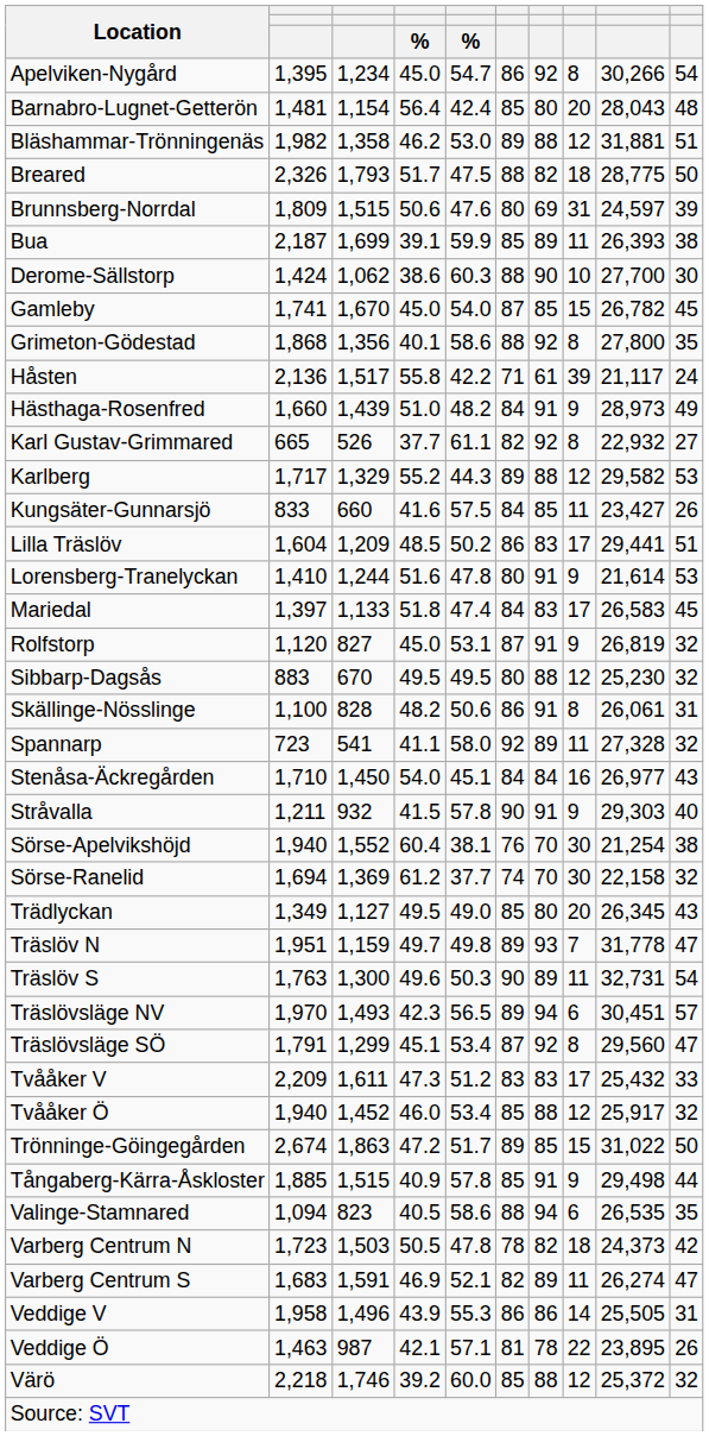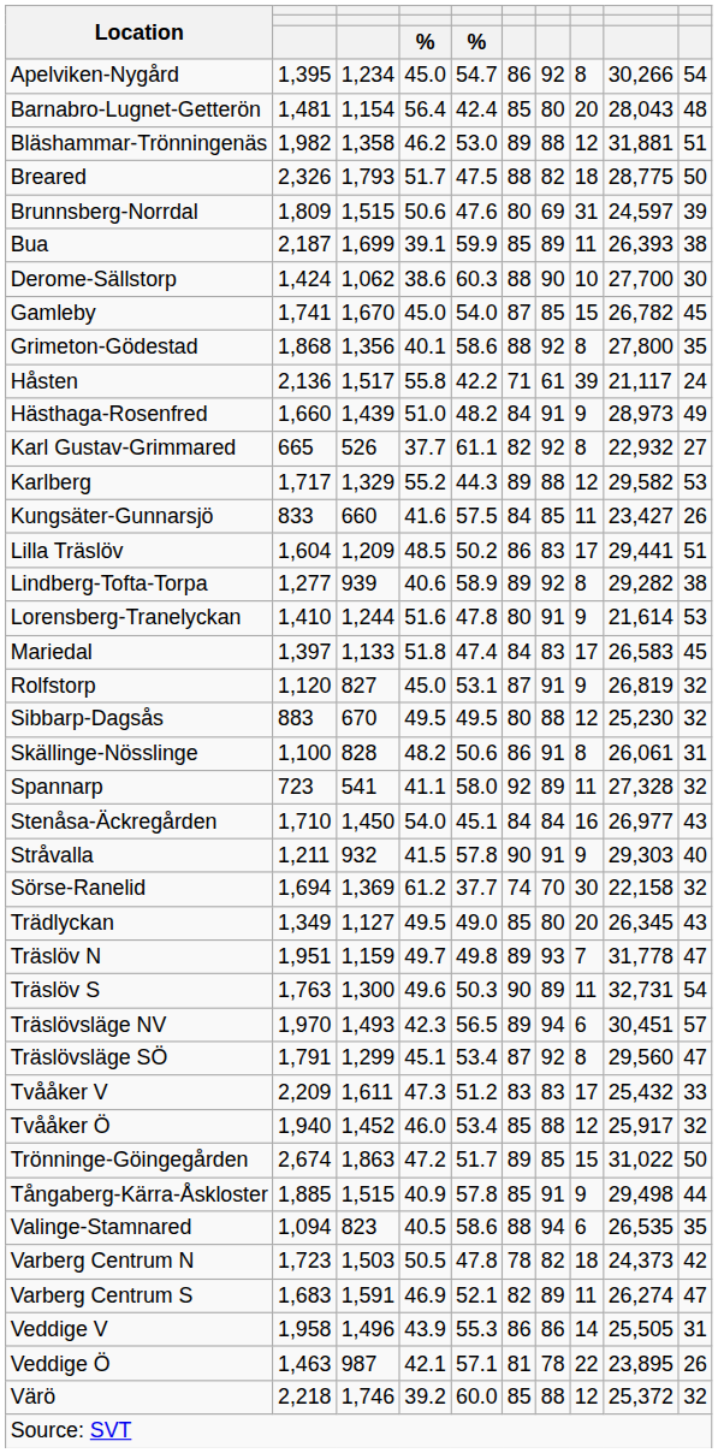 <table role="presentation" class="wikitable sortable mw-collapsible mw-collapsed">
 <tr>
 <th rowspan="3">Location</th>
 <th></th>
 <th></th>
 <th></th>
 <th></th>
 <th></th>
 <th></th>
 <th></th>
 <th></th>
 <th></th>
 </tr>
 <tr>
 <th></th>
 <th></th>
 <th style="background:"></th>
 <th style="background:"></th>
 <th></th>
 <th></th>
 <th></th>
 <th></th>
 <th></th>
 </tr>
 <tr>
 <th data-sort-type="number"></th>
 <th data-sort-type="number"></th>
 <th data-sort-type="number">%</th>
 <th data-sort-type="number">%</th>
 <th data-sort-type="number"></th>
 <th data-sort-type="number"></th>
 <th data-sort-type="number"></th>
 <th data-sort-type="number"></th>
 <th data-sort-type="number"></th>
 </tr>
 <tr>
 <td align="left">Apelviken-Nygård</td>
 <td>1,395</td>
 <td>1,234</td>
 <td>45.0</td>
 <td>54.7</td>
 <td>86</td>
 <td>92</td>
 <td>8</td>
 <td>30,266</td>
 <td>54</td>
 </tr>
 <tr>
 <td align="left">Barnabro-Lugnet-Getterön</td>
 <td>1,481</td>
 <td>1,154</td>
 <td>56.4</td>
 <td>42.4</td>
 <td>85</td>
 <td>80</td>
 <td>20</td>
 <td>28,043</td>
 <td>48</td>
 </tr>
 <tr>
 <td align="left">Bläshammar-Trönningenäs</td>
 <td>1,982</td>
 <td>1,358</td>
 <td>46.2</td>
 <td>53.0</td>
 <td>89</td>
 <td>88</td>
 <td>12</td>
 <td>31,881</td>
 <td>51</td>
 </tr>
 <tr>
 <td align="left">Breared</td>
 <td>2,326</td>
 <td>1,793</td>
 <td>51.7</td>
 <td>47.5</td>
 <td>88</td>
 <td>82</td>
 <td>18</td>
 <td>28,775</td>
 <td>50</td>
 </tr>
 <tr>
 <td align="left">Brunnsberg-Norrdal</td>
 <td>1,809</td>
 <td>1,515</td>
 <td>50.6</td>
 <td>47.6</td>
 <td>80</td>
 <td>69</td>
 <td>31</td>
 <td>24,597</td>
 <td>39</td>
 </tr>
 <tr>
 <td align="left">Bua</td>
 <td>2,187</td>
 <td>1,699</td>
 <td>39.1</td>
 <td>59.9</td>
 <td>85</td>
 <td>89</td>
 <td>11</td>
 <td>26,393</td>
 <td>38</td>
 </tr>
 <tr>
 <td align="left">Derome-Sällstorp</td>
 <td>1,424</td>
 <td>1,062</td>
 <td>38.6</td>
 <td>60.3</td>
 <td>88</td>
 <td>90</td>
 <td>10</td>
 <td>27,700</td>
 <td>30</td>
 </tr>
 <tr>
 <td align="left">Gamleby</td>
 <td>1,741</td>
 <td>1,670</td>
 <td>45.0</td>
 <td>54.0</td>
 <td>87</td>
 <td>85</td>
 <td>15</td>
 <td>26,782</td>
 <td>45</td>
 </tr>
 <tr>
 <td align="left">Grimeton-Gödestad</td>
 <td>1,868</td>
 <td>1,356</td>
 <td>40.1</td>
 <td>58.6</td>
 <td>88</td>
 <td>92</td>
 <td>8</td>
 <td>27,800</td>
 <td>35</td>
 </tr>
 <tr>
 <td align="left">Håsten</td>
 <td>2,136</td>
 <td>1,517</td>
 <td>55.8</td>
 <td>42.2</td>
 <td>71</td>
 <td>61</td>
 <td>39</td>
 <td>21,117</td>
 <td>24</td>
 </tr>
 <tr>
 <td align="left">Hästhaga-Rosenfred</td>
 <td>1,660</td>
 <td>1,439</td>
 <td>51.0</td>
 <td>48.2</td>
 <td>84</td>
 <td>91</td>
 <td>9</td>
 <td>28,973</td>
 <td>49</td>
 </tr>
 <tr>
 <td align="left">Karl Gustav-Grimmared</td>
 <td>665</td>
 <td>526</td>
 <td>37.7</td>
 <td>61.1</td>
 <td>82</td>
 <td>92</td>
 <td>8</td>
 <td>22,932</td>
 <td>27</td>
 </tr>
 <tr>
 <td align="left">Karlberg</td>
 <td>1,717</td>
 <td>1,329</td>
 <td>55.2</td>
 <td>44.3</td>
 <td>89</td>
 <td>88</td>
 <td>12</td>
 <td>29,582</td>
 <td>53</td>
 </tr>
 <tr>
 <td align="left">Kungsäter-Gunnarsjö</td>
 <td>833</td>
 <td>660</td>
 <td>41.6</td>
 <td>57.5</td>
 <td>84</td>
 <td>85</td>
 <td>11</td>
 <td>23,427</td>
 <td>26</td>
 </tr>
 <tr>
 <td align="left">Lilla Träslöv</td>
 <td>1,604</td>
 <td>1,209</td>
 <td>48.5</td>
 <td>50.2</td>
 <td>86</td>
 <td>83</td>
 <td>17</td>
 <td>29,441</td>
 <td>51</td>
 </tr>
 <tr>
+<td align="left">Lindberg-Tofta-Torpa</td>
+<td>1,277</td>
+<td>939</td>
+<td>40.6</td>
+<td>58.9</td>
+<td>89</td>
+<td>92</td>
+<td>8</td>
+<td>29,282</td>
+<td>38</td>
+</tr>
+<tr>
 <td align="left">Lorensberg-Tranelyckan</td>
 <td>1,410</td>
 <td>1,244</td>
 <td>51.6</td>
 <td>47.8</td>
 <td>80</td>
 <td>91</td>
 <td>9</td>
 <td>21,614</td>
 <td>53</td>
 </tr>
 <tr>
 <td align="left">Mariedal</td>
 <td>1,397</td>
 <td>1,133</td>
 <td>51.8</td>
 <td>47.4</td>
 <td>84</td>
 <td>83</td>
 <td>17</td>
 <td>26,583</td>
 <td>45</td>
 </tr>
 <tr>
 <td align="left">Rolfstorp</td>
 <td>1,120</td>
 <td>827</td>
 <td>45.0</td>
 <td>53.1</td>
 <td>87</td>
 <td>91</td>
 <td>9</td>
 <td>26,819</td>
 <td>32</td>
 </tr>
 <tr>
 <td align="left">Sibbarp-Dagsås</td>
 <td>883</td>
 <td>670</td>
 <td>49.5</td>
 <td>49.5</td>
 <td>80</td>
 <td>88</td>
 <td>12</td>
 <td>25,230</td>
 <td>32</td>
 </tr>
 <tr>
 <td align="left">Skällinge-Nösslinge</td>
 <td>1,100</td>
 <td>828</td>
 <td>48.2</td>
 <td>50.6</td>
 <td>86</td>
 <td>91</td>
 <td>8</td>
 <td>26,061</td>
 <td>31</td>
 </tr>
 <tr>
 <td align="left">Spannarp</td>
 <td>723</td>
 <td>541</td>
 <td>41.1</td>
 <td>58.0</td>
 <td>92</td>
 <td>89</td>
 <td>11</td>
 <td>27,328</td>
 <td>32</td>
 </tr>
 <tr>
 <td align="left">Stenåsa-Äckregården</td>
 <td>1,710</td>
 <td>1,450</td>
 <td>54.0</td>
 <td>45.1</td>
 <td>84</td>
 <td>84</td>
 <td>16</td>
 <td>26,977</td>
 <td>43</td>
 </tr>
 <tr>
 <td align="left">Stråvalla</td>
 <td>1,211</td>
 <td>932</td>
 <td>41.5</td>
 <td>57.8</td>
 <td>90</td>
 <td>91</td>
 <td>9</td>
 <td>29,303</td>
 <td>40</td>
-</tr>
-<tr>
-<td align="left">Sörse-Apelvikshöjd</td>
-<td>1,940</td>
-<td>1,552</td>
-<td>60.4</td>
-<td>38.1</td>
-<td>76</td>
-<td>70</td>
-<td>30</td>
-<td>21,254</td>
-<td>38</td>
 </tr>
 <tr>
 <td align="left">Sörse-Ranelid</td>
 <td>1,694</td>
 <td>1,369</td>
 <td>61.2</td>
 <td>37.7</td>
 <td>74</td>
 <td>70</td>
 <td>30</td>
 <td>22,158</td>
 <td>32</td>
 </tr>
 <tr>
 <td align="left">Trädlyckan</td>
 <td>1,349</td>
 <td>1,127</td>
 <td>49.5</td>
 <td>49.0</td>
 <td>85</td>
 <td>80</td>
 <td>20</td>
 <td>26,345</td>
 <td>43</td>
 </tr>
 <tr>
 <td align="left">Träslöv N</td>
 <td>1,951</td>
 <td>1,159</td>
 <td>49.7</td>
 <td>49.8</td>
 <td>89</td>
 <td>93</td>
 <td>7</td>
 <td>31,778</td>
 <td>47</td>
 </tr>
 <tr>
 <td align="left">Träslöv S</td>
 <td>1,763</td>
 <td>1,300</td>
 <td>49.6</td>
 <td>50.3</td>
 <td>90</td>
 <td>89</td>
 <td>11</td>
 <td>32,731</td>
 <td>54</td>
 </tr>
 <tr>
 <td align="left">Träslövsläge NV</td>
 <td>1,970</td>
 <td>1,493</td>
 <td>42.3</td>
 <td>56.5</td>
 <td>89</td>
 <td>94</td>
 <td>6</td>
 <td>30,451</td>
 <td>57</td>
 </tr>
 <tr>
 <td align="left">Träslövsläge SÖ</td>
 <td>1,791</td>
 <td>1,299</td>
 <td>45.1</td>
 <td>53.4</td>
 <td>87</td>
 <td>92</td>
 <td>8</td>
 <td>29,560</td>
 <td>47</td>
 </tr>
 <tr>
 <td align="left">Tvååker V</td>
 <td>2,209</td>
 <td>1,611</td>
 <td>47.3</td>
 <td>51.2</td>
 <td>83</td>
 <td>83</td>
 <td>17</td>
 <td>25,432</td>
 <td>33</td>
 </tr>
 <tr>
 <td align="left">Tvååker Ö</td>
 <td>1,940</td>
 <td>1,452</td>
 <td>46.0</td>
 <td>53.4</td>
 <td>85</td>
 <td>88</td>
 <td>12</td>
 <td>25,917</td>
 <td>32</td>
 </tr>
 <tr>
 <td align="left">Trönninge-Göingegården</td>
 <td>2,674</td>
 <td>1,863</td>
 <td>47.2</td>
 <td>51.7</td>
 <td>89</td>
 <td>85</td>
 <td>15</td>
 <td>31,022</td>
 <td>50</td>
 </tr>
 <tr>
 <td align="left">Tångaberg-Kärra-Åskloster</td>
 <td>1,885</td>
 <td>1,515</td>
 <td>40.9</td>
 <td>57.8</td>
 <td>85</td>
 <td>91</td>
 <td>9</td>
 <td>29,498</td>
 <td>44</td>
 </tr>
 <tr>
 <td align="left">Valinge-Stamnared</td>
 <td>1,094</td>
 <td>823</td>
 <td>40.5</td>
 <td>58.6</td>
 <td>88</td>
 <td>94</td>
 <td>6</td>
 <td>26,535</td>
 <td>35</td>
 </tr>
 <tr>
 <td align="left">Varberg Centrum N</td>
 <td>1,723</td>
 <td>1,503</td>
 <td>50.5</td>
 <td>47.8</td>
 <td>78</td>
 <td>82</td>
 <td>18</td>
 <td>24,373</td>
 <td>42</td>
 </tr>
 <tr>
 <td align="left">Varberg Centrum S</td>
 <td>1,683</td>
 <td>1,591</td>
 <td>46.9</td>
 <td>52.1</td>
 <td>82</td>
 <td>89</td>
 <td>11</td>
 <td>26,274</td>
 <td>47</td>
 </tr>
 <tr>
 <td align="left">Veddige V</td>
 <td>1,958</td>
 <td>1,496</td>
 <td>43.9</td>
 <td>55.3</td>
 <td>86</td>
 <td>86</td>
 <td>14</td>
 <td>25,505</td>
 <td>31</td>
 </tr>
 <tr>
 <td align="left">Veddige Ö</td>
 <td>1,463</td>
 <td>987</td>
 <td>42.1</td>
 <td>57.1</td>
 <td>81</td>
 <td>78</td>
 <td>22</td>
 <td>23,895</td>
 <td>26</td>
 </tr>
 <tr>
 <td align="left">Värö</td>
 <td>2,218</td>
 <td>1,746</td>
 <td>39.2</td>
 <td>60.0</td>
 <td>85</td>
 <td>88</td>
 <td>12</td>
 <td>25,372</td>
 <td>32</td>
 </tr>
 <tr>
 <td colspan="10" align="left">Source: <a href='#'>SVT</a></td>
 </tr>
 </table>
